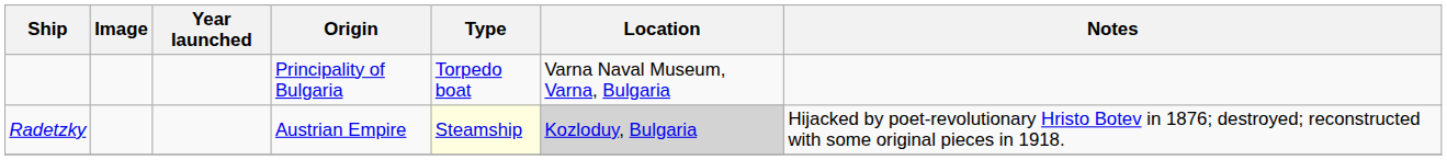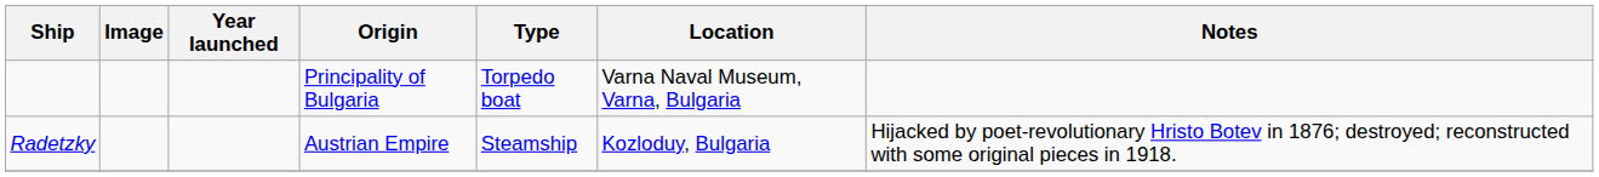 <table class="wikitable sortable">
 <tr>
 <th>Ship</th>
 <th>Image</th>
 <th>Year launched</th>
 <th>Origin</th>
 <th>Type</th>
 <th>Location</th>
 <th>Notes</th>
 </tr>
 <tr>
 <td data-sort-value=Drazki></td>
 <td></td>
 <td></td>
 <td> <a href='#'>Principality of Bulgaria</a></td>
 <td><a href='#'>Torpedo boat</a></td>
 <td>Varna Naval Museum, <a href='#'>Varna</a>, <a href='#'>Bulgaria</a></td>
 </tr>
 <tr>
 <td data-sort-value=Radetzky><em><a href='#'>Radetzky</a></em></td>
 <td></td>
 <td></td>
 <td> <a href='#'>Austrian Empire</a></td>
-<td style="background: lightyellow;"><a href='#'>Steamship</a></td>
-<td style="background: lightgrey;"><a href='#'>Kozloduy</a>, <a href='#'>Bulgaria</a></td>
+<td><a href='#'>Steamship</a></td>
+<td><a href='#'>Kozloduy</a>, <a href='#'>Bulgaria</a></td>
 <td>Hijacked by poet-revolutionary <a href='#'>Hristo Botev</a> in 1876; destroyed; reconstructed with some original pieces in 1918.</td>
 </tr>
 <tr>
 </tr>
 </table>
